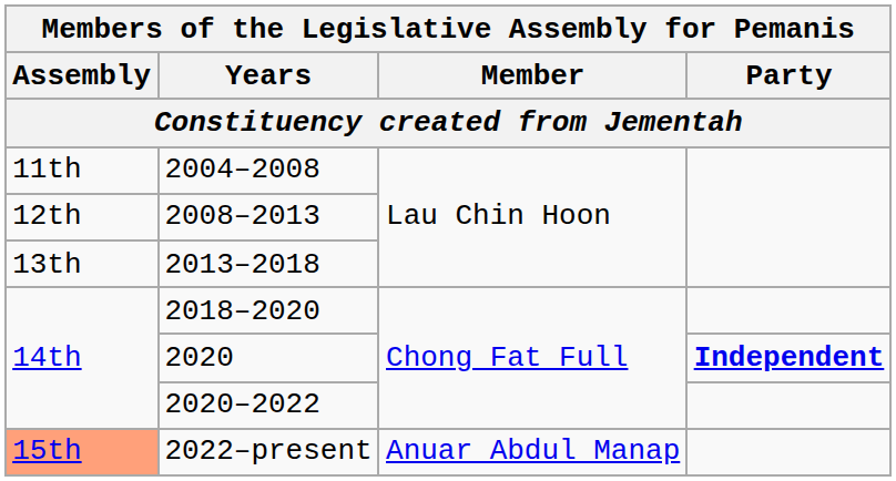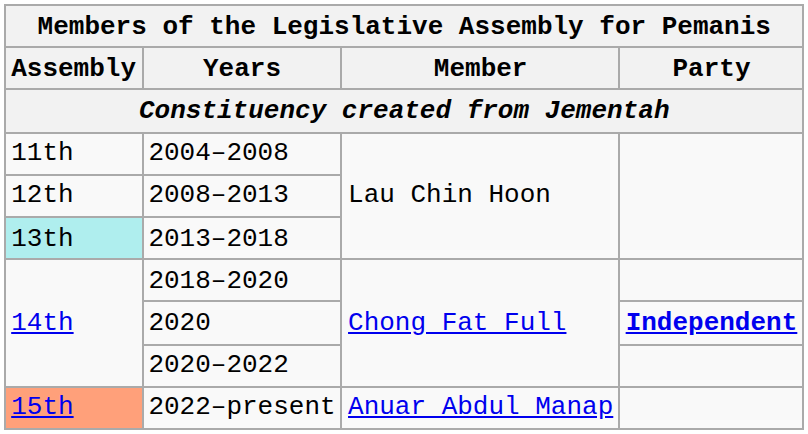 <table class="wikitable">
 <tr>
 <th colspan="4">Members of the Legislative Assembly for Pemanis</th>
 </tr>
 <tr>
 <th>Assembly</th>
 <th>Years</th>
 <th>Member</th>
 <th>Party</th>
 </tr>
 <tr>
 <th colspan="4"><em>Constituency created from Jementah</em></th>
 </tr>
 <tr>
 <td>11th</td>
 <td>2004–2008</td>
 <td rowspan="3">Lau Chin Hoon</td>
 <td rowspan="3"></td>
 </tr>
 <tr>
 <td>12th</td>
 <td>2008–2013</td>
 </tr>
 <tr>
-<td>13th</td>
+<td style="background: paleturquoise;">13th</td>
 <td>2013–2018</td>
 </tr>
 <tr>
 <td rowspan="3"><a href='#'>14th</a></td>
 <td>2018–2020</td>
 <td rowspan="3"><a href='#'>Chong Fat Full</a></td>
 <td></td>
 </tr>
 <tr>
 <td>2020</td>
 <td><strong><a href='#'>Independent</a></strong></td>
 </tr>
 <tr>
 <td>2020–2022</td>
 <td></td>
 </tr>
 <tr>
 <td style="background: lightsalmon;"><a href='#'>15th</a></td>
 <td>2022–present</td>
 <td><a href='#'>Anuar Abdul Manap</a></td>
 <td></td>
 </tr>
 </table>
